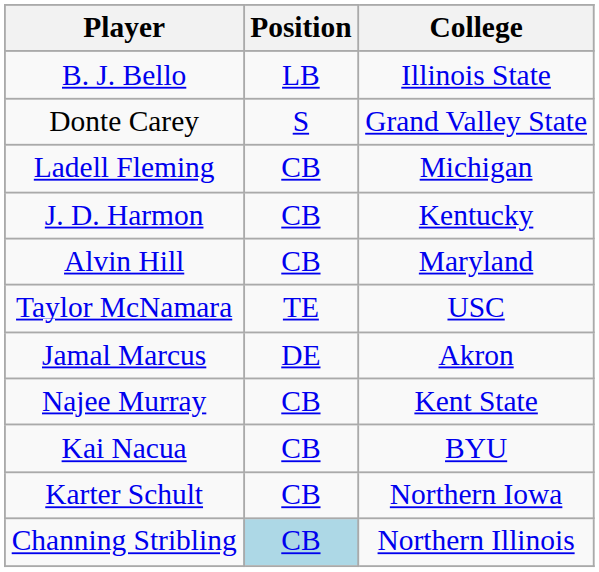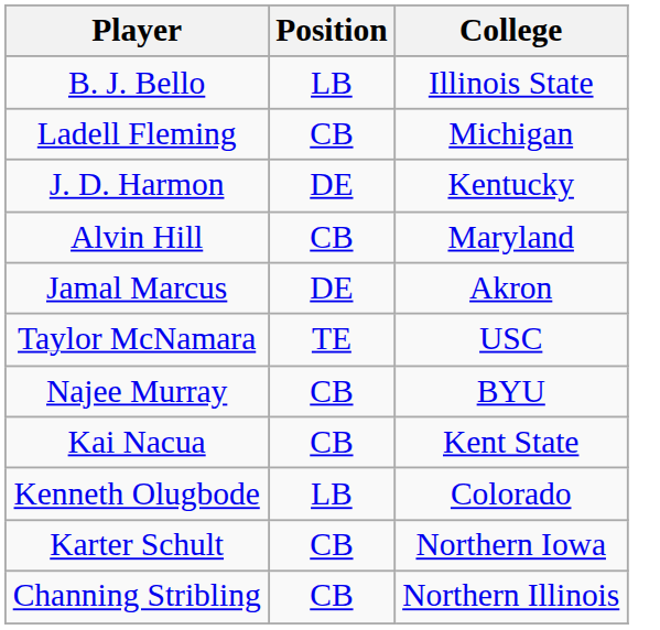 <table class="wikitable" style="text-align:center">
 <tr>
 <th>Player</th>
 <th>Position</th>
 <th>College</th>
 </tr>
 <tr>
 <td><a href='#'>B. J. Bello</a></td>
 <td><a href='#'>LB</a></td>
 <td><a href='#'>Illinois State</a></td>
 </tr>
 <tr>
-<td>Donte Carey</td>
-<td><a href='#'>S</a></td>
-<td><a href='#'>Grand Valley State</a></td>
-</tr>
-<tr>
 <td><a href='#'>Ladell Fleming</a></td>
 <td><a href='#'>CB</a></td>
 <td><a href='#'>Michigan</a></td>
 </tr>
 <tr>
 <td><a href='#'>J. D. Harmon</a></td>
-<td><a href='#'>CB</a></td>
+<td><a href='#'>DE</a></td>
 <td><a href='#'>Kentucky</a></td>
 </tr>
 <tr>
 <td><a href='#'>Alvin Hill</a></td>
 <td><a href='#'>CB</a></td>
 <td><a href='#'>Maryland</a></td>
 </tr>
 <tr>
+<td><a href='#'>Jamal Marcus</a></td>
+<td><a href='#'>DE</a></td>
+<td><a href='#'>Akron</a></td>
+</tr>
+<tr>
 <td><a href='#'>Taylor McNamara</a></td>
 <td><a href='#'>TE</a></td>
 <td><a href='#'>USC</a></td>
 </tr>
 <tr>
-<td><a href='#'>Jamal Marcus</a></td>
-<td><a href='#'>DE</a></td>
-<td><a href='#'>Akron</a></td>
+<td><a href='#'>Najee Murray</a></td>
+<td><a href='#'>CB</a></td>
+<td><a href='#'>BYU</a></td>
 </tr>
 <tr>
-<td><a href='#'>Najee Murray</a></td>
+<td><a href='#'>Kai Nacua</a></td>
 <td><a href='#'>CB</a></td>
 <td><a href='#'>Kent State</a></td>
 </tr>
 <tr>
-<td><a href='#'>Kai Nacua</a></td>
-<td><a href='#'>CB</a></td>
-<td><a href='#'>BYU</a></td>
+<td><a href='#'>Kenneth Olugbode</a></td>
+<td><a href='#'>LB</a></td>
+<td><a href='#'>Colorado</a></td>
 </tr>
 <tr>
 <td><a href='#'>Karter Schult</a></td>
 <td><a href='#'>CB</a></td>
 <td><a href='#'>Northern Iowa</a></td>
 </tr>
 <tr>
 <td><a href='#'>Channing Stribling</a></td>
-<td style="background: lightblue;"><a href='#'>CB</a></td>
+<td><a href='#'>CB</a></td>
 <td><a href='#'>Northern Illinois</a></td>
 </tr>
 </table>
